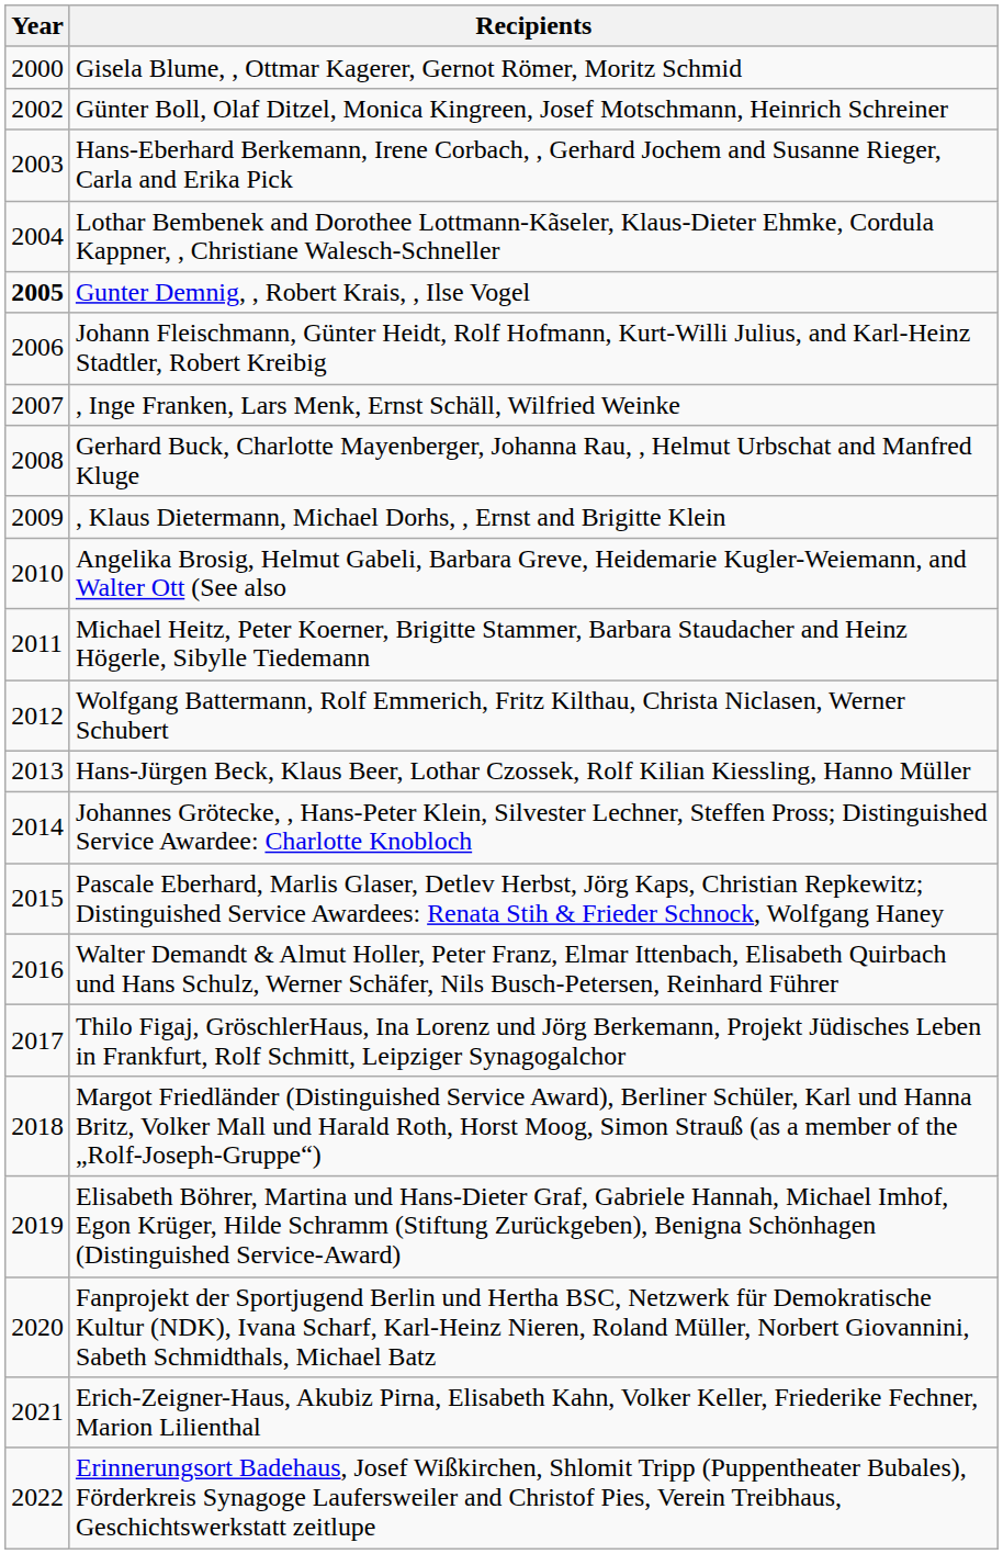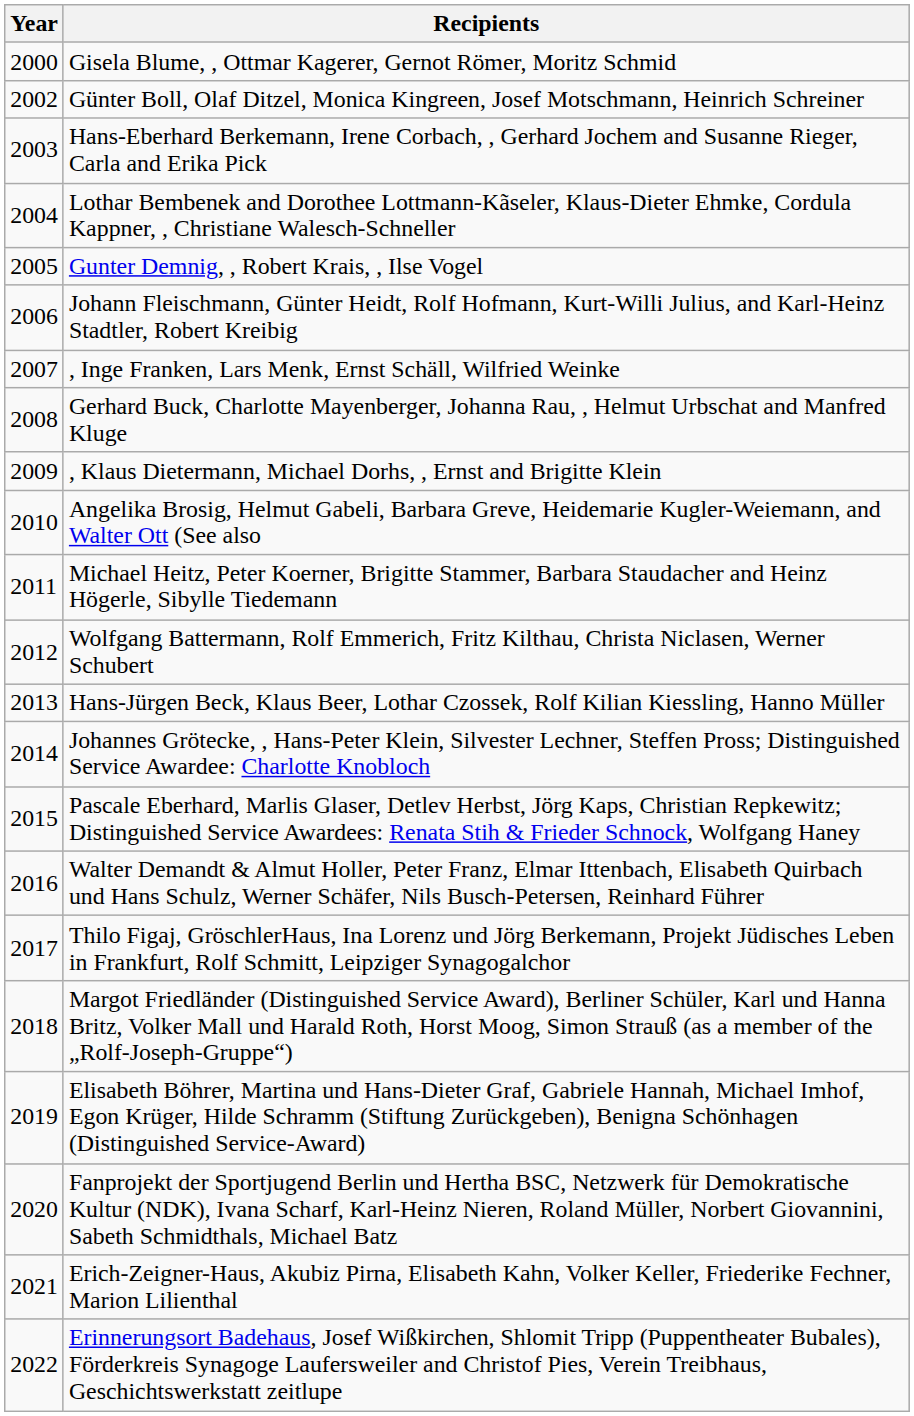 <table class="wikitable">
 <tr>
 <th>Year</th>
 <th>Recipients</th>
 </tr>
 <tr>
 <td>2000</td>
 <td> Gisela Blume, , Ottmar Kagerer, Gernot Römer, Moritz Schmid</td>
 </tr>
 <tr>
 <td>2002</td>
 <td>Günter Boll, Olaf Ditzel, Monica Kingreen, Josef Motschmann, Heinrich Schreiner</td>
 </tr>
 <tr>
 <td>2003</td>
 <td> Hans-Eberhard Berkemann, Irene Corbach, , Gerhard Jochem and Susanne Rieger, Carla and Erika Pick</td>
 </tr>
 <tr>
 <td>2004</td>
 <td> Lothar Bembenek and Dorothee Lottmann-Kãseler, Klaus-Dieter Ehmke, Cordula Kappner, , Christiane Walesch-Schneller</td>
 </tr>
 <tr>
-<td><strong>2005</strong></td>
+<td>2005</td>
 <td> <a href='#'>Gunter Demnig</a>, , Robert Krais, , Ilse Vogel</td>
 </tr>
 <tr>
 <td>2006</td>
 <td> Johann Fleischmann, Günter Heidt, Rolf Hofmann, Kurt-Willi Julius, and Karl-Heinz Stadtler, Robert Kreibig</td>
 </tr>
 <tr>
 <td>2007</td>
 <td> , Inge Franken, Lars Menk, Ernst Schäll, Wilfried Weinke</td>
 </tr>
 <tr>
 <td>2008</td>
 <td> Gerhard Buck, Charlotte Mayenberger, Johanna Rau, , Helmut Urbschat and Manfred Kluge</td>
 </tr>
 <tr>
 <td>2009</td>
 <td> , Klaus Dietermann, Michael Dorhs, , Ernst and Brigitte Klein</td>
 </tr>
 <tr>
 <td>2010</td>
 <td> Angelika Brosig, Helmut Gabeli, Barbara Greve, Heidemarie Kugler-Weiemann, and <a href='#'>Walter Ott</a> (See also </td>
 </tr>
 <tr>
 <td>2011</td>
 <td> Michael Heitz, Peter Koerner, Brigitte Stammer, Barbara Staudacher and Heinz Högerle, Sibylle Tiedemann</td>
 </tr>
 <tr>
 <td>2012</td>
 <td>Wolfgang Battermann, Rolf Emmerich, Fritz Kilthau, Christa Niclasen, Werner Schubert</td>
 </tr>
 <tr>
 <td>2013</td>
 <td>Hans-Jürgen Beck, Klaus Beer, Lothar Czossek, Rolf Kilian Kiessling, Hanno Müller</td>
 </tr>
 <tr>
 <td>2014</td>
 <td>Johannes Grötecke, , Hans-Peter Klein, Silvester Lechner, Steffen Pross; Distinguished Service Awardee:  <a href='#'>Charlotte Knobloch</a></td>
 </tr>
 <tr>
 <td>2015</td>
 <td>Pascale Eberhard, Marlis Glaser, Detlev Herbst, Jörg Kaps, Christian Repkewitz; Distinguished Service Awardees: <a href='#'>Renata Stih & Frieder Schnock</a>, Wolfgang Haney</td>
 </tr>
 <tr>
 <td>2016</td>
 <td> Walter Demandt & Almut Holler, Peter Franz, Elmar Ittenbach, Elisabeth Quirbach und Hans Schulz, Werner Schäfer, Nils Busch-Petersen, Reinhard Führer</td>
 </tr>
 <tr>
 <td>2017</td>
 <td> Thilo Figaj, GröschlerHaus, Ina Lorenz und Jörg Berkemann, Projekt Jüdisches Leben in Frankfurt, Rolf Schmitt, Leipziger Synagogalchor</td>
 </tr>
 <tr>
 <td>2018</td>
 <td> Margot Friedländer (Distinguished Service Award), Berliner Schüler, Karl und Hanna Britz, Volker Mall und Harald Roth, Horst Moog, Simon Strauß (as a member of the „Rolf-Joseph-Gruppe“)</td>
 </tr>
 <tr>
 <td>2019</td>
 <td> Elisabeth Böhrer, Martina und Hans-Dieter Graf, Gabriele Hannah, Michael Imhof, Egon Krüger, Hilde Schramm (Stiftung Zurückgeben), Benigna Schönhagen (Distinguished Service-Award)</td>
 </tr>
 <tr>
 <td>2020</td>
 <td> Fanprojekt der Sportjugend Berlin und Hertha BSC, Netzwerk für Demokratische Kultur (NDK), Ivana Scharf, Karl-Heinz Nieren, Roland Müller, Norbert Giovannini, Sabeth Schmidthals, Michael Batz</td>
 </tr>
 <tr>
 <td>2021</td>
 <td> Erich-Zeigner-Haus, Akubiz Pirna, Elisabeth Kahn, Volker Keller, Friederike Fechner, Marion Lilienthal</td>
 </tr>
 <tr>
 <td>2022</td>
 <td> <a href='#'>Erinnerungsort Badehaus</a>, Josef Wißkirchen, Shlomit Tripp (Puppentheater Bubales), Förderkreis Synagoge Laufersweiler and Christof Pies, Verein Treibhaus, Geschichtswerkstatt zeitlupe</td>
 </tr>
 </table>
